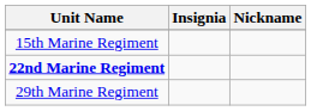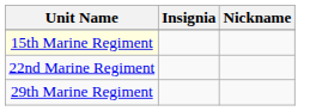 <table class="wikitable" style="text-align: center;">
 <tr>
 <th>Unit Name</th>
 <th>Insignia</th>
 <th>Nickname</th>
 </tr>
 <tr>
 </tr>
 <tr>
-<td><a href='#'>15th Marine Regiment</a></td>
+<td style="background: lightyellow;"><a href='#'>15th Marine Regiment</a></td>
 <td></td>
 <td></td>
 </tr>
 <tr>
-<td><strong><a href='#'>22nd Marine Regiment</a></strong></td>
+<td><a href='#'>22nd Marine Regiment</a></td>
 <td></td>
 <td></td>
 </tr>
 <tr>
 <td><a href='#'>29th Marine Regiment</a></td>
 <td></td>
 <td></td>
 </tr>
 </table>
